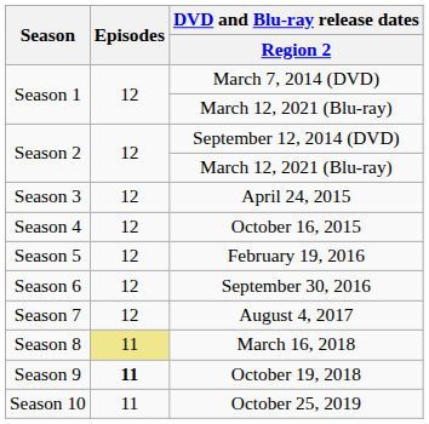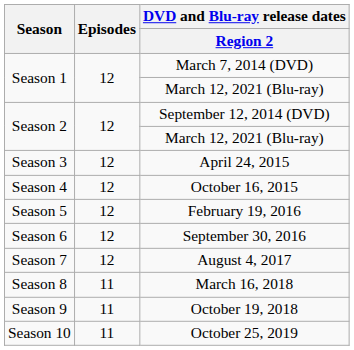 <table class="wikitable" style="text-align: center;">
 <tr>
 <th rowspan="2">Season</th>
 <th rowspan="2">Episodes</th>
 <th><a href='#'>DVD</a> and <a href='#'>Blu-ray</a> release dates</th>
 </tr>
 <tr>
 <th><a href='#'>Region 2</a></th>
 </tr>
 <tr>
 <td rowspan="2">Season 1</td>
 <td rowspan="2">12</td>
 <td>March 7, 2014 (DVD)</td>
 </tr>
 <tr>
 <td>March 12, 2021 (Blu-ray)</td>
 </tr>
 <tr>
 <td rowspan="2">Season 2</td>
 <td rowspan="2">12</td>
 <td>September 12, 2014 (DVD)</td>
 </tr>
 <tr>
 <td>March 12, 2021 (Blu-ray)</td>
 </tr>
 <tr>
 <td>Season 3</td>
 <td>12</td>
 <td>April 24, 2015</td>
 </tr>
 <tr>
 <td>Season 4</td>
 <td>12</td>
 <td>October 16, 2015</td>
 </tr>
 <tr>
 <td>Season 5</td>
 <td>12</td>
 <td>February 19, 2016</td>
 </tr>
 <tr>
 <td>Season 6</td>
 <td>12</td>
 <td>September 30, 2016</td>
 </tr>
 <tr>
 <td>Season 7</td>
 <td>12</td>
 <td>August 4, 2017</td>
 </tr>
 <tr>
 <td>Season 8</td>
-<td style="background: khaki;">11</td>
+<td>11</td>
 <td>March 16, 2018</td>
 </tr>
 <tr>
 <td>Season 9</td>
-<td><strong>11</strong></td>
+<td>11</td>
 <td>October 19, 2018</td>
 </tr>
 <tr>
 <td>Season 10</td>
 <td>11</td>
 <td>October 25, 2019</td>
 </tr>
 </table>
